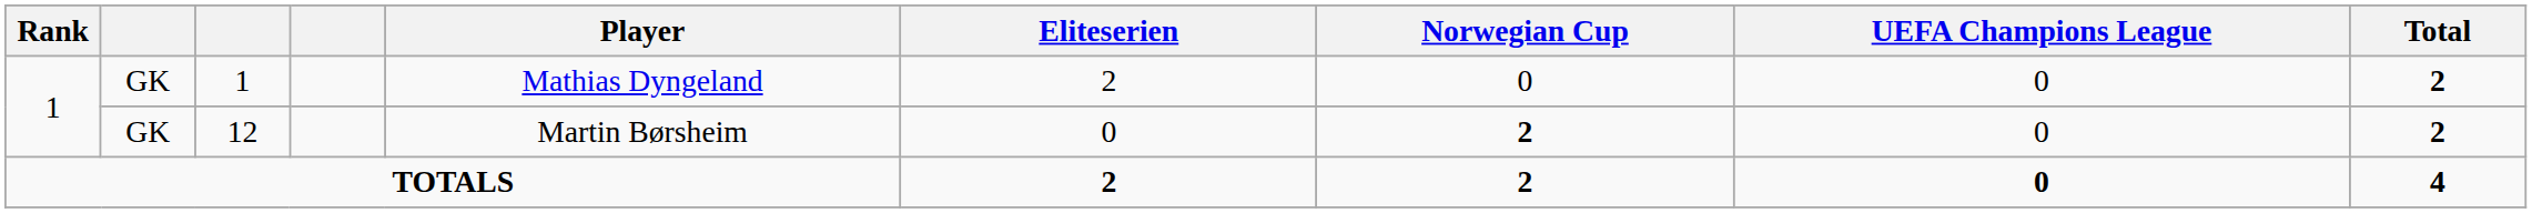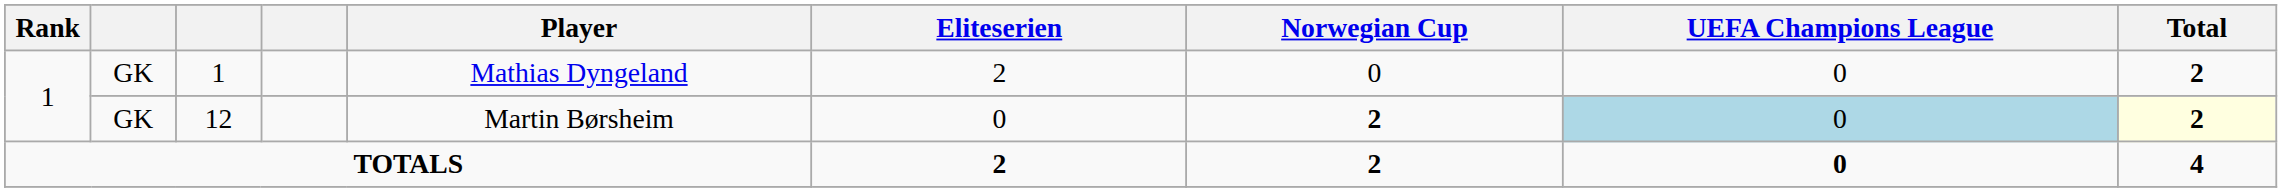 <table class="wikitable" style="font-size: 95%; text-align: center;">
 <tr>
 <th width=40>Rank</th>
 <th width=40></th>
 <th width=40></th>
 <th width=40></th>
 <th width=250>Player</th>
 <th width=200><a href='#'>Eliteserien</a></th>
 <th width=200><a href='#'>Norwegian Cup</a></th>
 <th width=300><a href='#'>UEFA Champions League</a></th>
 <th width=80><strong>Total</strong></th>
 </tr>
 <tr>
 <td rowspan="2">1</td>
 <td>GK</td>
 <td>1</td>
 <td></td>
 <td><a href='#'>Mathias Dyngeland</a></td>
 <td>2</td>
 <td>0</td>
 <td>0</td>
 <td><strong>2</strong></td>
 </tr>
 <tr>
 <td>GK</td>
 <td>12</td>
 <td></td>
 <td>Martin Børsheim</td>
 <td>0</td>
 <td><strong>2</strong></td>
-<td>0</td>
-<td><strong>2</strong></td>
+<td style="background: lightblue;">0</td>
+<td style="background: lightyellow;"><strong>2</strong></td>
 </tr>
 <tr>
 <td colspan="5"><strong>TOTALS</strong></td>
 <td><strong>2</strong></td>
 <td><strong>2</strong></td>
 <td><strong>0</strong></td>
 <td><strong>4</strong></td>
 </tr>
 </table>
